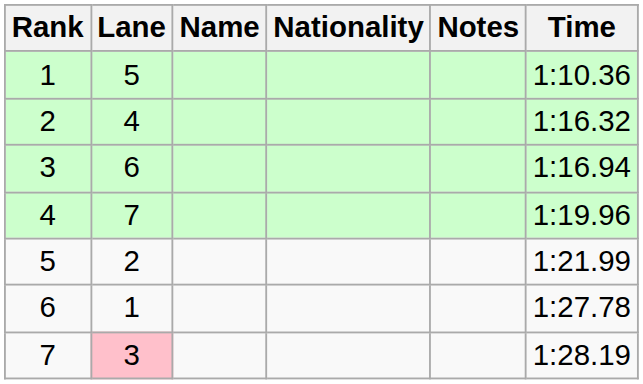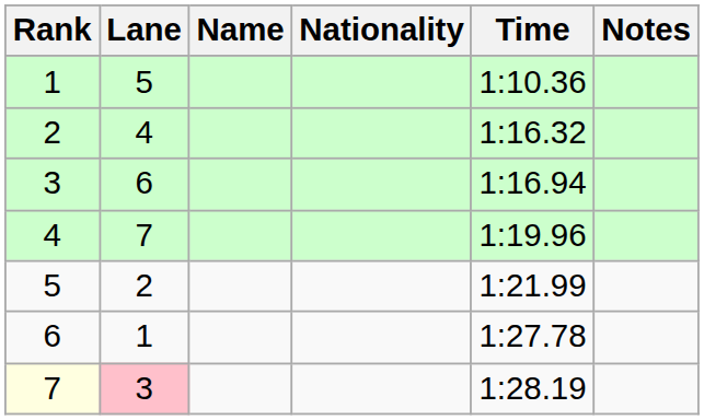 <table class="wikitable sortable" style="text-align:center">
 <tr>
 <th>Rank</th>
 <th>Lane</th>
 <th>Name</th>
 <th>Nationality</th>
+<th>Time</th>
 <th>Notes</th>
-<th>Time</th>
 </tr>
 <tr bgcolor=ccffcc>
 <td>1</td>
 <td>5</td>
 <td align=left></td>
 <td align=left></td>
+<td>1:10.36</td>
 <td><strong></strong></td>
-<td>1:10.36</td>
 </tr>
 <tr bgcolor=ccffcc>
 <td>2</td>
 <td>4</td>
 <td align=left></td>
 <td align=left></td>
+<td>1:16.32</td>
 <td><strong></strong></td>
-<td>1:16.32</td>
 </tr>
 <tr bgcolor=ccffcc>
 <td>3</td>
 <td>6</td>
 <td align=left></td>
 <td align=left></td>
+<td>1:16.94</td>
 <td><strong></strong></td>
-<td>1:16.94</td>
 </tr>
 <tr bgcolor=ccffcc>
 <td>4</td>
 <td>7</td>
 <td align=left></td>
 <td align=left></td>
+<td>1:19.96</td>
 <td><strong></strong></td>
-<td>1:19.96</td>
 </tr>
 <tr>
 <td>5</td>
 <td>2</td>
 <td align=left></td>
 <td align=left></td>
+<td>1:21.99</td>
 <td></td>
-<td>1:21.99</td>
 </tr>
 <tr>
 <td>6</td>
 <td>1</td>
 <td align=left></td>
 <td align=left></td>
+<td>1:27.78</td>
 <td></td>
-<td>1:27.78</td>
 </tr>
 <tr>
-<td>7</td>
+<td style="background: lightyellow;">7</td>
 <td style="background: pink;">3</td>
 <td align=left></td>
 <td align=left></td>
+<td>1:28.19</td>
 <td></td>
-<td>1:28.19</td>
 </tr>
 </table>
